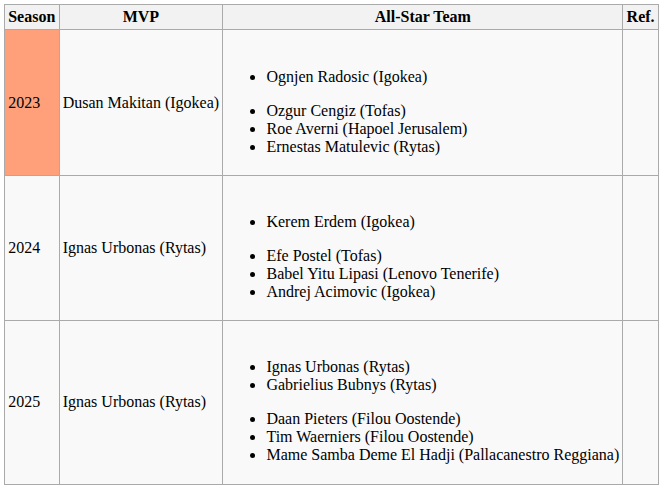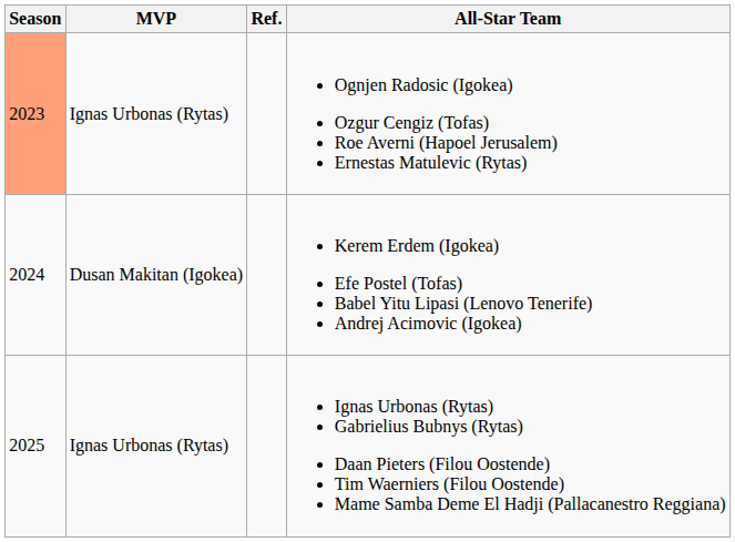 <table class="wikitable">
 <tr>
 <th>Season</th>
 <th>MVP</th>
+<th>Ref.</th>
 <th>All-Star Team</th>
-<th>Ref.</th>
 </tr>
 <tr>
 <td style="background: lightsalmon;">2023</td>
-<td>Dusan Makitan (Igokea)</td>
+<td>Ignas Urbonas (Rytas)</td>
+<td></td>
 <td><br><ul><li>Ognjen Radosic (Igokea)</li></ul><ul><li>Ozgur Cengiz (Tofas)</li><li>Roe Averni (Hapoel Jerusalem)</li><li>Ernestas Matulevic (Rytas)</li></ul></td>
-<td></td>
 </tr>
 <tr>
 <td>2024</td>
-<td>Ignas Urbonas (Rytas)</td>
+<td>Dusan Makitan (Igokea)</td>
+<td></td>
 <td><br><ul><li>Kerem Erdem (Igokea)</li></ul><ul><li>Efe Postel (Tofas)</li><li>Babel Yitu Lipasi (Lenovo Tenerife)</li><li>Andrej Acimovic (Igokea)</li></ul></td>
-<td></td>
 </tr>
 <tr>
 <td>2025</td>
 <td>Ignas Urbonas (Rytas)</td>
+<td></td>
 <td><br><ul><li>Ignas Urbonas (Rytas)</li><li>Gabrielius Bubnys (Rytas)</li></ul><ul><li>Daan Pieters (Filou Oostende)</li><li>Tim Waerniers (Filou Oostende)</li><li>Mame Samba Deme El Hadji (Pallacanestro Reggiana)</li></ul></td>
-<td></td>
 </tr>
 </table>
